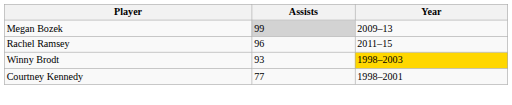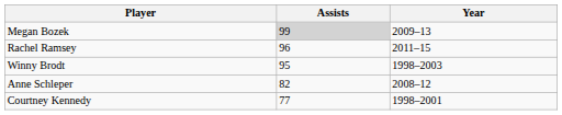 <table class="wikitable" style="width: 50em">
 <tr>
 <th>Player</th>
 <th>Assists</th>
 <th>Year</th>
 </tr>
 <tr>
 <td>Megan Bozek</td>
 <td style="background: lightgrey;">99</td>
 <td>2009–13</td>
 </tr>
 <tr>
 <td>Rachel Ramsey</td>
 <td>96</td>
 <td>2011–15</td>
 </tr>
 <tr>
 <td>Winny Brodt</td>
-<td>93</td>
-<td style="background: gold;">1998–2003</td>
+<td>95</td>
+<td>1998–2003</td>
+</tr>
+<tr>
+<td>Anne Schleper</td>
+<td>82</td>
+<td>2008–12</td>
 </tr>
 <tr>
 <td>Courtney Kennedy</td>
 <td>77</td>
 <td>1998–2001</td>
 </tr>
 </table>
